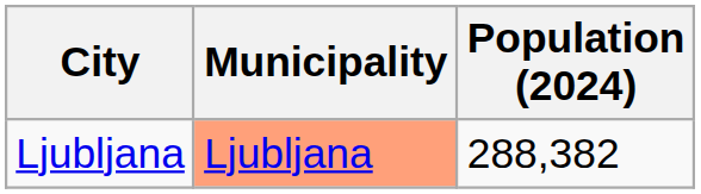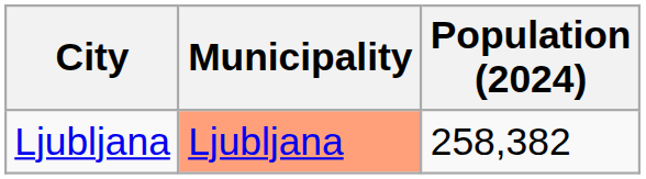 <table class="wikitable sortable sticky-header col3right">
 <tr>
 <th>City</th>
 <th>Municipality</th>
 <th>Population<br>(2024)</th>
 </tr>
 <tr>
 <td><a href='#'>Ljubljana</a></td>
 <td style="background: lightsalmon;"><a href='#'>Ljubljana</a></td>
-<td>288,382</td>
+<td>258,382</td>
 </tr>
 </table>
